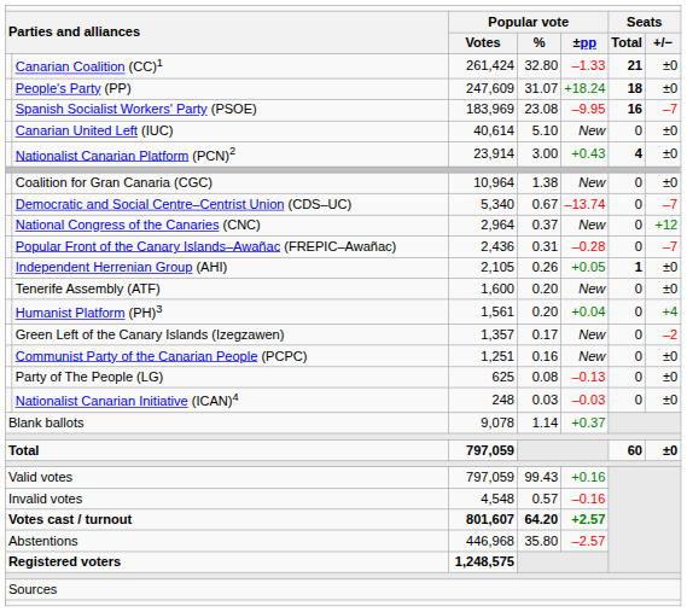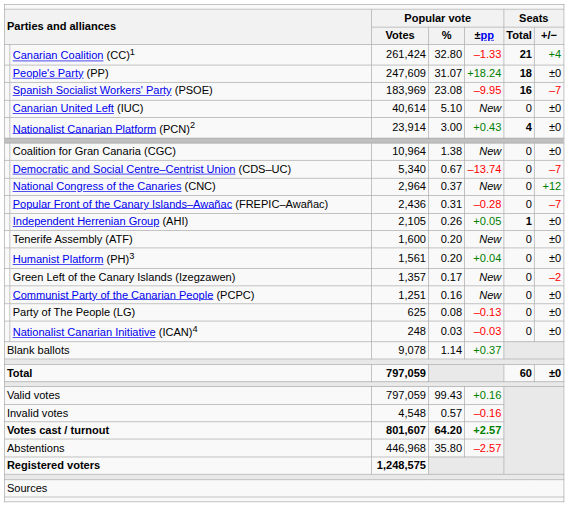 <table class="wikitable" style="text-align:right;">
 <tr>
 <td colspan="7"></td>
 </tr>
 <tr>
 <th style="text-align:left;" rowspan="2" colspan="2" width="525">Parties and alliances</th>
 <th colspan="3">Popular vote</th>
 <th colspan="2">Seats</th>
 </tr>
 <tr>
 <th width="75">Votes</th>
 <th width="45">%</th>
 <th width="45">±<a href='#'>pp</a></th>
 <th width="35">Total</th>
 <th width="35">+/−</th>
 </tr>
 <tr>
 <td width="1" style="color:inherit;background:"></td>
 <td align="left"><a href='#'>Canarian Coalition</a> (CC)<sup>1</sup></td>
 <td>261,424</td>
 <td>32.80</td>
 <td style="color:red;">–1.33</td>
 <td><strong>21</strong></td>
-<td>±0</td>
+<td style="color:green;">+4</td>
 </tr>
 <tr>
 <td style="color:inherit;background:"></td>
 <td align="left"><a href='#'>People's Party</a> (PP)</td>
 <td>247,609</td>
 <td>31.07</td>
 <td style="color:green;">+18.24</td>
 <td><strong>18</strong></td>
 <td>±0</td>
 </tr>
 <tr>
 <td style="color:inherit;background:"></td>
 <td align="left"><a href='#'>Spanish Socialist Workers' Party</a> (PSOE)</td>
 <td>183,969</td>
 <td>23.08</td>
 <td style="color:red;">–9.95</td>
 <td><strong>16</strong></td>
 <td style="color:red;">–7</td>
 </tr>
 <tr>
 <td style="color:inherit;background:"></td>
 <td align="left"><a href='#'>Canarian United Left</a> (IUC)</td>
 <td>40,614</td>
 <td>5.10</td>
 <td><em>New</em></td>
 <td>0</td>
 <td>±0</td>
 </tr>
 <tr>
 <td style="color:inherit;background:"></td>
 <td align="left"><a href='#'>Nationalist Canarian Platform</a> (PCN)<sup>2</sup></td>
 <td>23,914</td>
 <td>3.00</td>
 <td style="color:green;">+0.43</td>
 <td><strong>4</strong></td>
 <td>±0</td>
 </tr>
 <tr>
 <td colspan="7" bgcolor="#C0C0C0"></td>
 </tr>
 <tr>
 <td style="color:inherit;background:"></td>
 <td align="left">Coalition for Gran Canaria (CGC)</td>
 <td>10,964</td>
 <td>1.38</td>
 <td><em>New</em></td>
 <td>0</td>
 <td>±0</td>
 </tr>
 <tr>
 <td style="color:inherit;background:"></td>
 <td align="left"><a href='#'>Democratic and Social Centre–Centrist Union</a> (CDS–UC)</td>
 <td>5,340</td>
 <td>0.67</td>
 <td style="color:red;">–13.74</td>
 <td>0</td>
 <td style="color:red;">–7</td>
 </tr>
 <tr>
 <td style="color:inherit;background:"></td>
 <td align="left"><a href='#'>National Congress of the Canaries</a> (CNC)</td>
 <td>2,964</td>
 <td>0.37</td>
 <td><em>New</em></td>
 <td>0</td>
 <td style="color:green;">+12</td>
 </tr>
 <tr>
 <td style="color:inherit;background:"></td>
 <td align="left"><a href='#'>Popular Front of the Canary Islands–Awañac</a> (FREPIC–Awañac)</td>
 <td>2,436</td>
 <td>0.31</td>
 <td style="color:red;">–0.28</td>
 <td>0</td>
 <td style="color:red;">–7</td>
 </tr>
 <tr>
 <td style="color:inherit;background:"></td>
 <td align="left"><a href='#'>Independent Herrenian Group</a> (AHI)</td>
 <td>2,105</td>
 <td>0.26</td>
 <td style="color:green;">+0.05</td>
 <td><strong>1</strong></td>
 <td>±0</td>
 </tr>
 <tr>
 <td bgcolor="white"></td>
 <td align="left">Tenerife Assembly (ATF)</td>
 <td>1,600</td>
 <td>0.20</td>
 <td><em>New</em></td>
 <td>0</td>
 <td>±0</td>
 </tr>
 <tr>
 <td style="color:inherit;background:"></td>
 <td align="left"><a href='#'>Humanist Platform</a> (PH)<sup>3</sup></td>
 <td>1,561</td>
 <td>0.20</td>
 <td style="color:green;">+0.04</td>
 <td>0</td>
-<td style="color:green;">+4</td>
+<td>±0</td>
 </tr>
 <tr>
 <td bgcolor="white"></td>
 <td align="left">Green Left of the Canary Islands (Izegzawen)</td>
 <td>1,357</td>
 <td>0.17</td>
 <td><em>New</em></td>
 <td>0</td>
 <td style="color:red;">–2</td>
 </tr>
 <tr>
 <td style="color:inherit;background:"></td>
 <td align="left"><a href='#'>Communist Party of the Canarian People</a> (PCPC)</td>
 <td>1,251</td>
 <td>0.16</td>
 <td><em>New</em></td>
 <td>0</td>
 <td>±0</td>
 </tr>
 <tr>
 <td bgcolor="white"></td>
 <td align="left">Party of The People (LG)</td>
 <td>625</td>
 <td>0.08</td>
 <td style="color:red;">–0.13</td>
 <td>0</td>
 <td>±0</td>
 </tr>
 <tr>
 <td style="color:inherit;background:"></td>
 <td align="left"><a href='#'>Nationalist Canarian Initiative</a> (ICAN)<sup>4</sup></td>
 <td>248</td>
 <td>0.03</td>
 <td style="color:red;">–0.03</td>
 <td>0</td>
 <td>±0</td>
 </tr>
 <tr>
 <td align="left" colspan="2">Blank ballots</td>
 <td>9,078</td>
 <td>1.14</td>
 <td style="color:green;">+0.37</td>
 <td bgcolor="#E9E9E9" colspan="2"></td>
 </tr>
 <tr>
 <td colspan="7" bgcolor="#E9E9E9"></td>
 </tr>
 <tr style="font-weight:bold;">
 <td align="left" colspan="2">Total</td>
 <td>797,059</td>
 <td bgcolor="#E9E9E9" colspan="2"></td>
 <td>60</td>
 <td>±0</td>
 </tr>
 <tr>
 <td colspan="7" bgcolor="#E9E9E9"></td>
 </tr>
 <tr>
 <td align="left" colspan="2">Valid votes</td>
 <td>797,059</td>
 <td>99.43</td>
 <td style="color:green;">+0.16</td>
 <td bgcolor="#E9E9E9" colspan="2" rowspan="5"></td>
 </tr>
 <tr>
 <td align="left" colspan="2">Invalid votes</td>
 <td>4,548</td>
 <td>0.57</td>
 <td style="color:red;">–0.16</td>
 </tr>
 <tr style="font-weight:bold;">
 <td align="left" colspan="2">Votes cast / turnout</td>
 <td>801,607</td>
 <td>64.20</td>
 <td style="color:green;">+2.57</td>
 </tr>
 <tr>
 <td align="left" colspan="2">Abstentions</td>
 <td>446,968</td>
 <td>35.80</td>
 <td style="color:red;">–2.57</td>
 </tr>
 <tr style="font-weight:bold;">
 <td align="left" colspan="2">Registered voters</td>
 <td>1,248,575</td>
 <td bgcolor="#E9E9E9" colspan="2"></td>
 </tr>
 <tr>
 <td colspan="7" bgcolor="#E9E9E9"></td>
 </tr>
 <tr>
 <td align="left" colspan="7">Sources</td>
 </tr>
 <tr>
 <td colspan="7" style="text-align:left; max-width:790px;"></td>
 </tr>
 </table>
